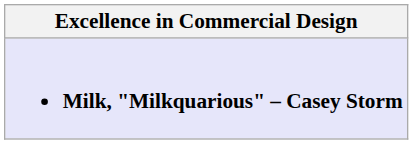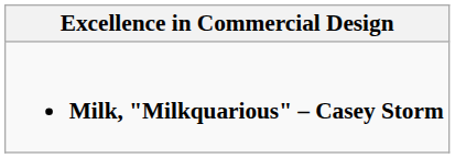 <table class=wikitable style="width=100%">
 <tr>
 <th>Excellence in Commercial Design</th>
 </tr>
 <tr>
-<td valign="top" style="background: lavender;"><br><ul><li><strong>Milk, "Milkquarious" – Casey Storm</strong></li></ul></td>
+<td valign="top"><br><ul><li><strong>Milk, "Milkquarious" – Casey Storm</strong></li></ul></td>
 </tr>
 </table>
